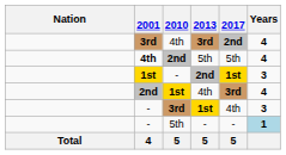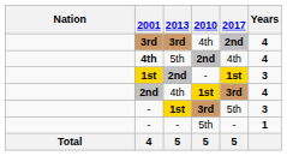 <table class="wikitable" style="text-align:center; font-size:90%">
 <tr>
 <th width=170>Nation</th>
 <th><br><a href='#'>2001</a></th>
+<th><br><a href='#'>2013</a></th>
 <th><br><a href='#'>2010</a></th>
-<th><br><a href='#'>2013</a></th>
 <th><br><a href='#'>2017</a></th>
 <th>Years</th>
 </tr>
 <tr>
 <td align=left></td>
 <td bgcolor=#cc9966><strong>3rd</strong></td>
+<td bgcolor=#cc9966><strong>3rd</strong></td>
 <td>4th</td>
-<td bgcolor=#cc9966><strong>3rd</strong></td>
 <td bgcolor=silver><strong>2nd</strong></td>
 <td><strong>4</strong></td>
 </tr>
 <tr>
 <td align=left></td>
 <td><strong>4th</strong></td>
+<td>5th</td>
 <td bgcolor=silver><strong>2nd</strong></td>
-<td>5th</td>
-<td>5th</td>
+<td>4th</td>
 <td><strong>4</strong></td>
 </tr>
 <tr>
 <td align=left></td>
 <td bgcolor=gold><strong>1st</strong></td>
+<td bgcolor=silver><strong>2nd</strong></td>
 <td>-</td>
-<td bgcolor=silver><strong>2nd</strong></td>
 <td bgcolor=gold><strong>1st</strong></td>
 <td><strong>3</strong></td>
 </tr>
 <tr>
 <td align=left></td>
 <td bgcolor=silver><strong>2nd</strong></td>
+<td>4th</td>
 <td bgcolor=gold><strong>1st</strong></td>
-<td>4th</td>
 <td bgcolor=#cc9966><strong>3rd</strong></td>
 <td><strong>4</strong></td>
 </tr>
 <tr>
 <td align=left></td>
 <td>-</td>
+<td bgcolor=gold><strong>1st</strong></td>
 <td bgcolor=#cc9966><strong>3rd</strong></td>
-<td bgcolor=gold><strong>1st</strong></td>
-<td>4th</td>
+<td>5th</td>
 <td><strong>3</strong></td>
 </tr>
 <tr>
 <td align=left></td>
 <td>-</td>
+<td>-</td>
 <td>5th</td>
 <td>-</td>
-<td>-</td>
-<td style="background: lightblue;"><strong>1</strong></td>
+<td><strong>1</strong></td>
 </tr>
 <tr>
 <th>Total</th>
 <th>4</th>
 <th>5</th>
 <th>5</th>
 <th>5</th>
 <th></th>
 </tr>
 </table>
